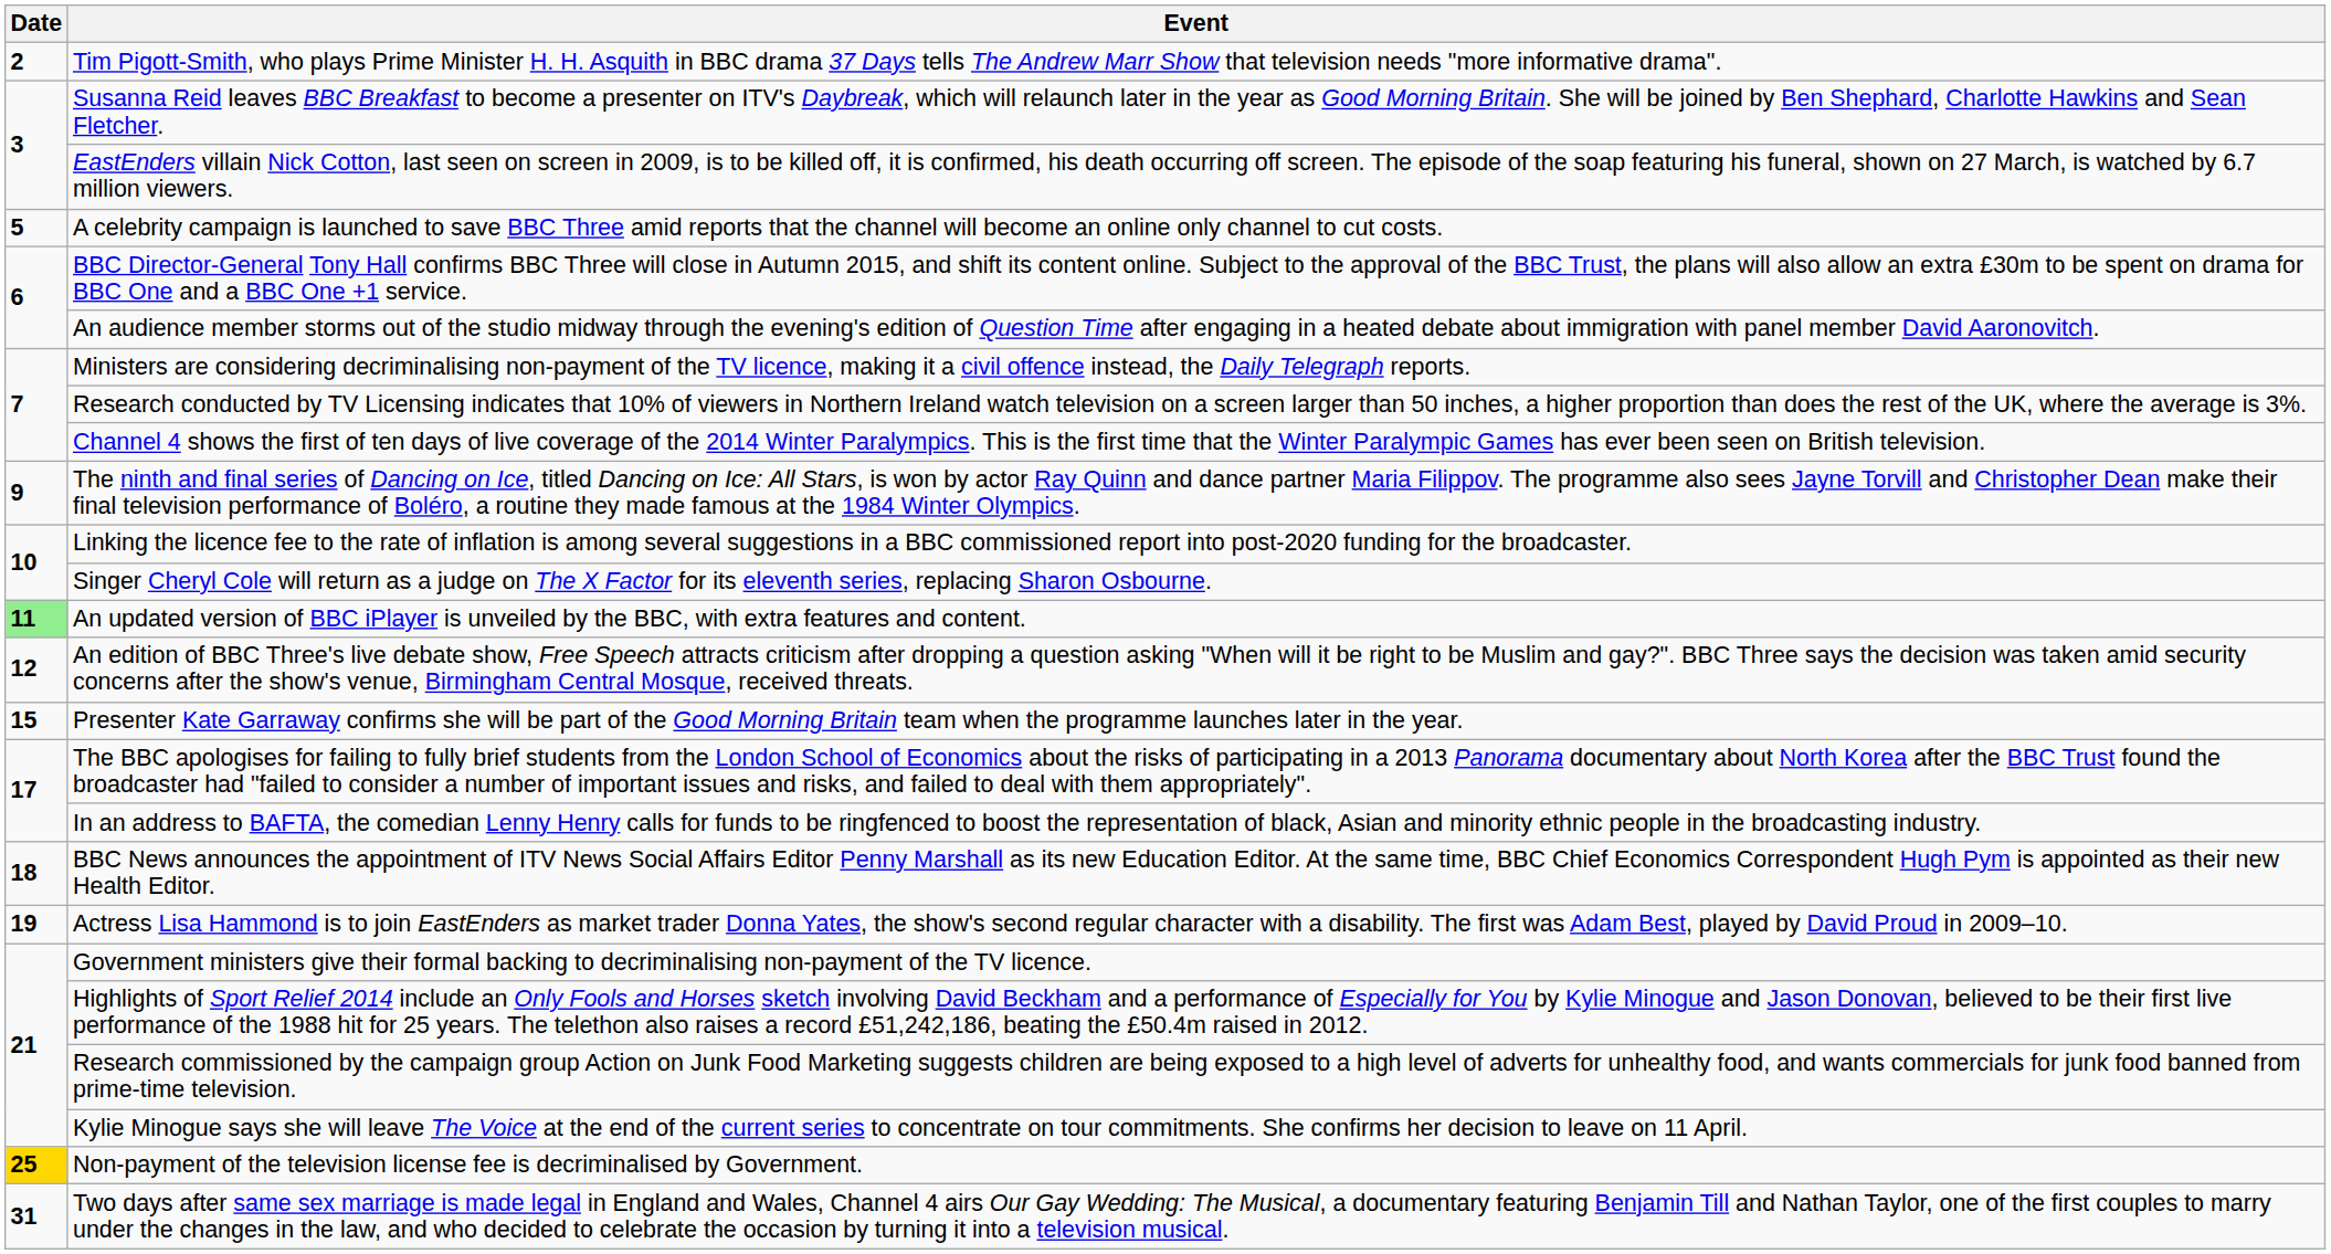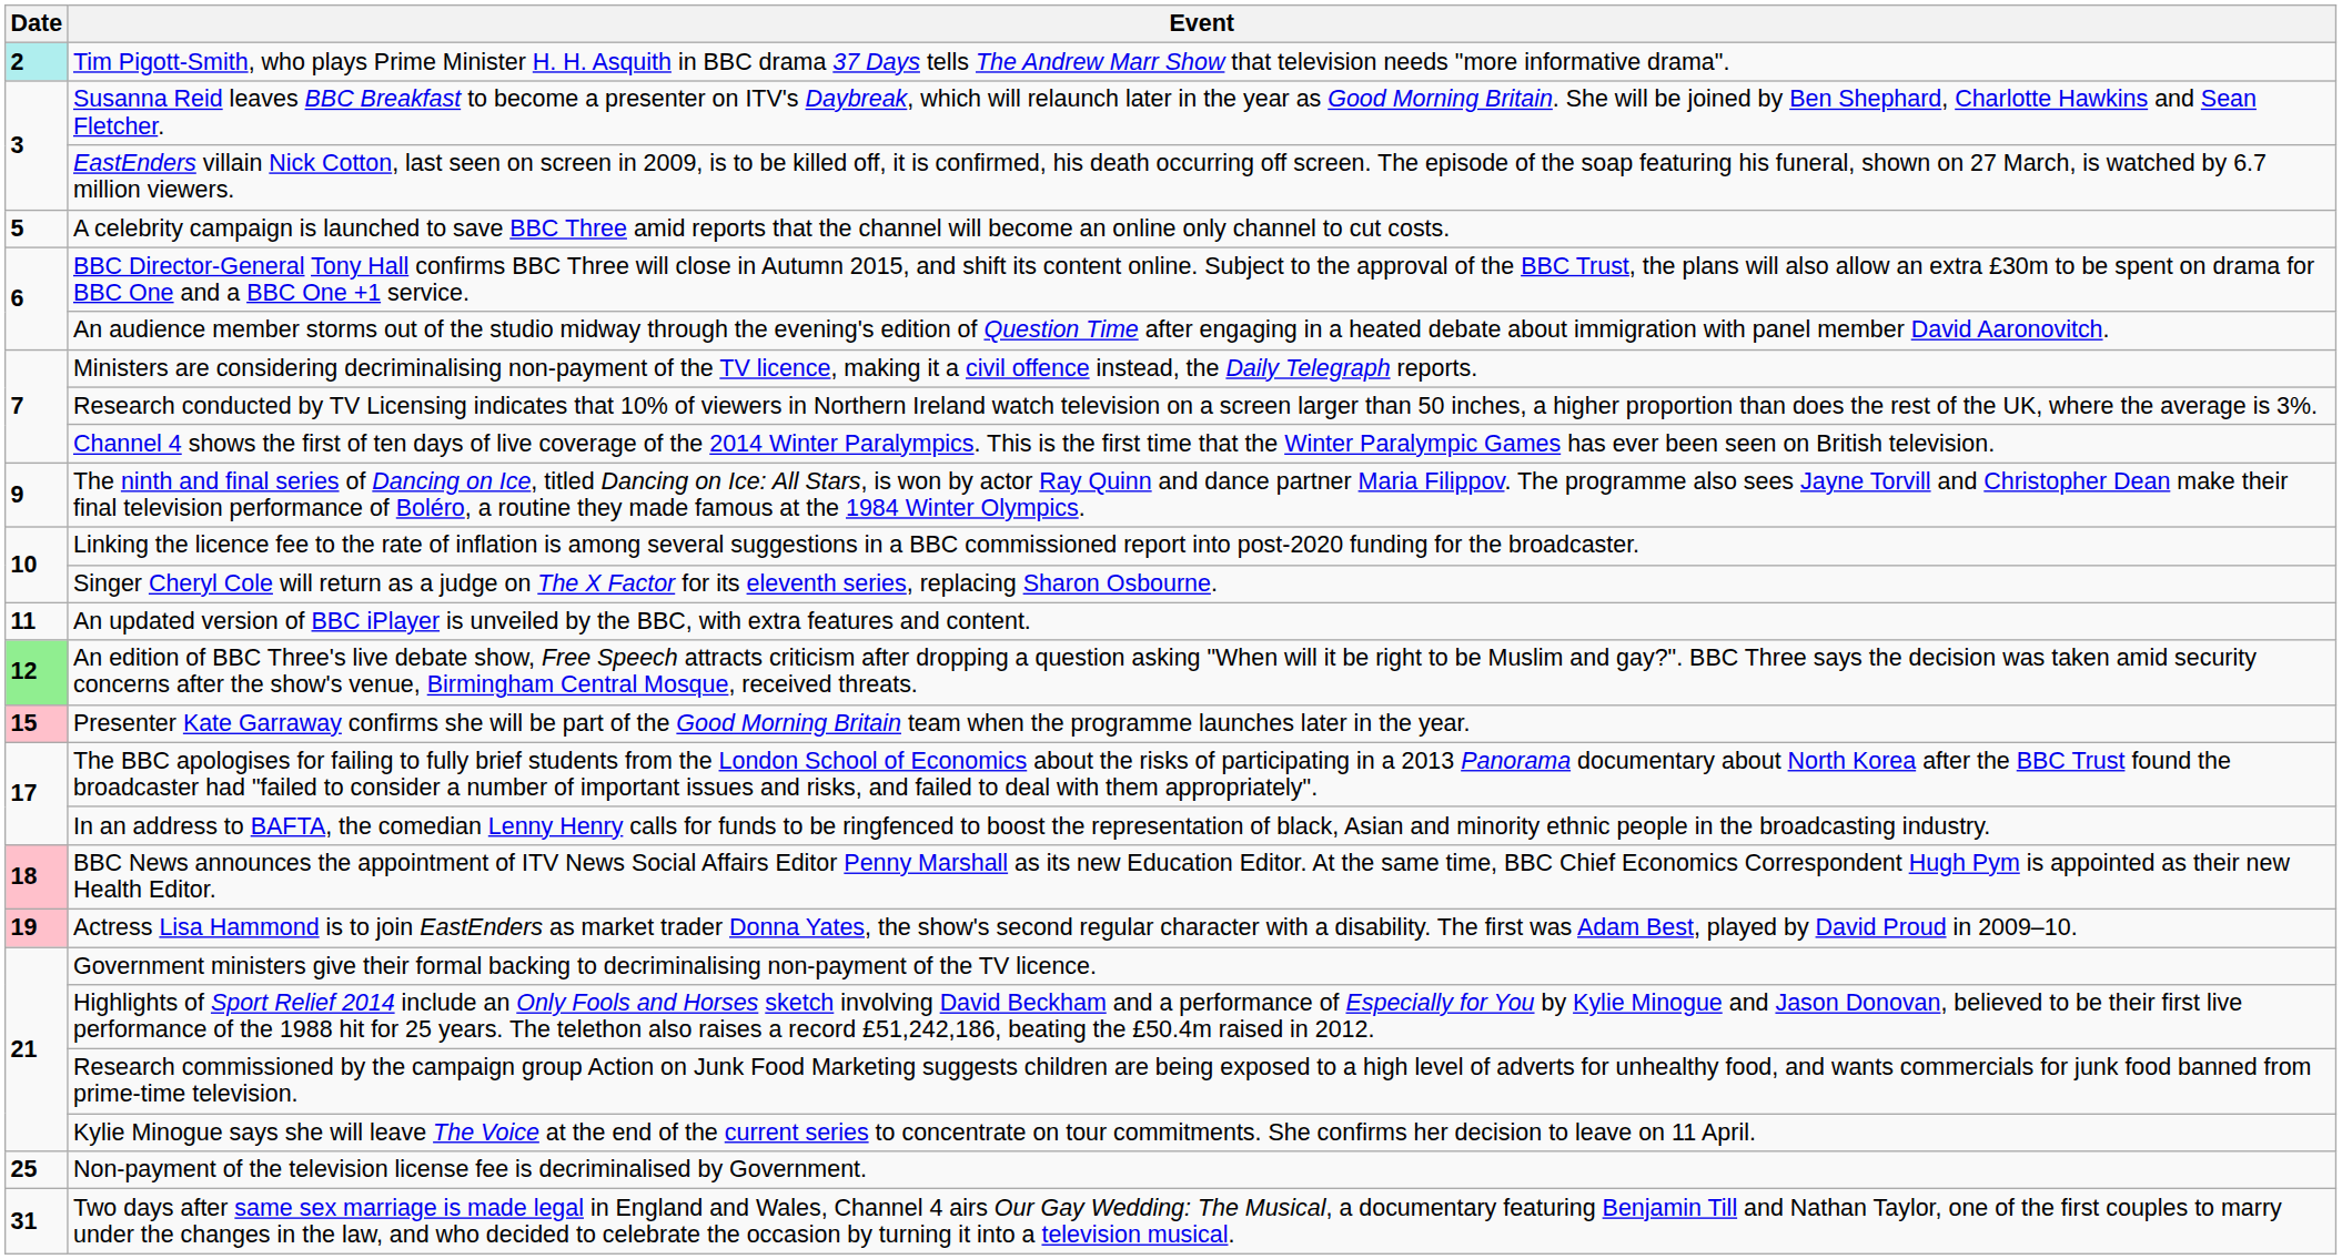 <table class="wikitable">
 <tr>
 <th>Date</th>
 <th>Event</th>
 </tr>
 <tr>
-<td><strong>2</strong></td>
+<td style="background: paleturquoise;"><strong>2</strong></td>
 <td><a href='#'>Tim Pigott-Smith</a>, who plays Prime Minister <a href='#'>H. H. Asquith</a> in BBC drama <em><a href='#'>37 Days</a></em> tells <em><a href='#'>The Andrew Marr Show</a></em> that television needs "more informative drama".</td>
 </tr>
 <tr>
 <td rowspan=2><strong>3</strong></td>
 <td><a href='#'>Susanna Reid</a> leaves <em><a href='#'>BBC Breakfast</a></em> to become a presenter on ITV's <em><a href='#'>Daybreak</a></em>, which will relaunch later in the year as <em><a href='#'>Good Morning Britain</a></em>. She will be joined by <a href='#'>Ben Shephard</a>, <a href='#'>Charlotte Hawkins</a> and <a href='#'>Sean Fletcher</a>.</td>
 </tr>
 <tr>
 <td><em><a href='#'>EastEnders</a></em> villain <a href='#'>Nick Cotton</a>, last seen on screen in 2009, is to be killed off, it is confirmed, his death occurring off screen. The episode of the soap featuring his funeral, shown on 27 March, is watched by 6.7 million viewers.</td>
 </tr>
 <tr>
 <td><strong>5</strong></td>
 <td>A celebrity campaign is launched to save <a href='#'>BBC Three</a> amid reports that the channel will become an online only channel to cut costs.</td>
 </tr>
 <tr>
 <td rowspan=2><strong>6</strong></td>
 <td><a href='#'>BBC Director-General</a> <a href='#'>Tony Hall</a> confirms BBC Three will close in Autumn 2015, and shift its content online. Subject to the approval of the <a href='#'>BBC Trust</a>, the plans will also allow an extra £30m to be spent on drama for <a href='#'>BBC One</a> and a <a href='#'>BBC One +1</a> service.</td>
 </tr>
 <tr>
 <td>An audience member storms out of the studio midway through the evening's edition of <em><a href='#'>Question Time</a></em> after engaging in a heated debate about immigration with panel member <a href='#'>David Aaronovitch</a>.</td>
 </tr>
 <tr>
 <td rowspan=3><strong>7</strong></td>
 <td>Ministers are considering decriminalising non-payment of the <a href='#'>TV licence</a>, making it a <a href='#'>civil offence</a> instead, the <em><a href='#'>Daily Telegraph</a></em> reports.</td>
 </tr>
 <tr>
 <td>Research conducted by TV Licensing indicates that 10% of viewers in Northern Ireland watch television on a screen larger than 50 inches, a higher proportion than does the rest of the UK, where the average is 3%.</td>
 </tr>
 <tr>
 <td><a href='#'>Channel 4</a> shows the first of ten days of live coverage of the <a href='#'>2014 Winter Paralympics</a>. This is the first time that the <a href='#'>Winter Paralympic Games</a> has ever been seen on British television.</td>
 </tr>
 <tr>
 <td><strong>9</strong></td>
 <td>The <a href='#'>ninth and final series</a> of <em><a href='#'>Dancing on Ice</a></em>, titled <em>Dancing on Ice: All Stars</em>, is won by actor <a href='#'>Ray Quinn</a> and dance partner <a href='#'>Maria Filippov</a>. The programme also sees <a href='#'>Jayne Torvill</a> and <a href='#'>Christopher Dean</a> make their final television performance of <a href='#'>Boléro</a>, a routine they made famous at the <a href='#'>1984 Winter Olympics</a>.</td>
 </tr>
 <tr>
 <td rowspan=2><strong>10</strong></td>
 <td>Linking the licence fee to the rate of inflation is among several suggestions in a BBC commissioned report into post-2020 funding for the broadcaster.</td>
 </tr>
 <tr>
 <td>Singer <a href='#'>Cheryl Cole</a> will return as a judge on <em><a href='#'>The X Factor</a></em> for its <a href='#'>eleventh series</a>, replacing <a href='#'>Sharon Osbourne</a>.</td>
 </tr>
 <tr>
-<td style="background: lightgreen;"><strong>11</strong></td>
+<td><strong>11</strong></td>
 <td>An updated version of <a href='#'>BBC iPlayer</a> is unveiled by the BBC, with extra features and content.</td>
 </tr>
 <tr>
-<td><strong>12</strong></td>
+<td style="background: lightgreen;"><strong>12</strong></td>
 <td>An edition of BBC Three's live debate show, <em>Free Speech</em> attracts criticism after dropping a question asking "When will it be right to be Muslim and gay?". BBC Three says the decision was taken amid security concerns after the show's venue, <a href='#'>Birmingham Central Mosque</a>, received threats.</td>
 </tr>
 <tr>
-<td><strong>15</strong></td>
+<td style="background: pink;"><strong>15</strong></td>
 <td>Presenter <a href='#'>Kate Garraway</a> confirms she will be part of the <em><a href='#'>Good Morning Britain</a></em> team when the programme launches later in the year.</td>
 </tr>
 <tr>
 <td rowspan=2><strong>17</strong></td>
 <td>The BBC apologises for failing to fully brief students from the <a href='#'>London School of Economics</a> about the risks of participating in a 2013 <em><a href='#'>Panorama</a></em> documentary about <a href='#'>North Korea</a> after the <a href='#'>BBC Trust</a> found the broadcaster had "failed to consider a number of important issues and risks, and failed to deal with them appropriately".</td>
 </tr>
 <tr>
 <td>In an address to <a href='#'>BAFTA</a>, the comedian <a href='#'>Lenny Henry</a> calls for funds to be ringfenced to boost the representation of black, Asian and minority ethnic people in the broadcasting industry.</td>
 </tr>
 <tr>
-<td><strong>18</strong></td>
+<td style="background: pink;"><strong>18</strong></td>
 <td>BBC News announces the appointment of ITV News Social Affairs Editor <a href='#'>Penny Marshall</a> as its new Education Editor. At the same time, BBC Chief Economics Correspondent <a href='#'>Hugh Pym</a> is appointed as their new Health Editor.</td>
 </tr>
 <tr>
-<td><strong>19</strong></td>
+<td style="background: pink;"><strong>19</strong></td>
 <td>Actress <a href='#'>Lisa Hammond</a> is to join <em>EastEnders</em> as market trader <a href='#'>Donna Yates</a>, the show's second regular character with a disability. The first was <a href='#'>Adam Best</a>, played by <a href='#'>David Proud</a> in 2009–10.</td>
 </tr>
 <tr>
 <td rowspan=4><strong>21</strong></td>
 <td>Government ministers give their formal backing to decriminalising non-payment of the TV licence.</td>
 </tr>
 <tr>
 <td>Highlights of <em><a href='#'>Sport Relief 2014</a></em> include an <em><a href='#'>Only Fools and Horses</a></em> <a href='#'>sketch</a> involving <a href='#'>David Beckham</a> and a performance of <em><a href='#'>Especially for You</a></em> by <a href='#'>Kylie Minogue</a> and <a href='#'>Jason Donovan</a>, believed to be their first live performance of the 1988 hit for 25 years. The telethon also raises a record £51,242,186, beating the £50.4m raised in 2012.</td>
 </tr>
 <tr>
 <td>Research commissioned by the campaign group Action on Junk Food Marketing suggests children are being exposed to a high level of adverts for unhealthy food, and wants commercials for junk food banned from prime-time television.</td>
 </tr>
 <tr>
 <td>Kylie Minogue says she will leave <em><a href='#'>The Voice</a></em> at the end of the <a href='#'>current series</a> to concentrate on tour commitments. She confirms her decision to leave on 11 April.</td>
 </tr>
 <tr>
-<td style="background: gold;"><strong>25</strong></td>
+<td><strong>25</strong></td>
 <td>Non-payment of the television license fee is decriminalised by Government.</td>
 </tr>
 <tr>
 <td><strong>31</strong></td>
 <td>Two days after <a href='#'>same sex marriage is made legal</a> in England and Wales, Channel 4 airs <em>Our Gay Wedding: The Musical</em>, a documentary featuring <a href='#'>Benjamin Till</a> and Nathan Taylor, one of the first couples to marry under the changes in the law, and who decided to celebrate the occasion by turning it into a <a href='#'>television musical</a>.</td>
 </tr>
 </table>
